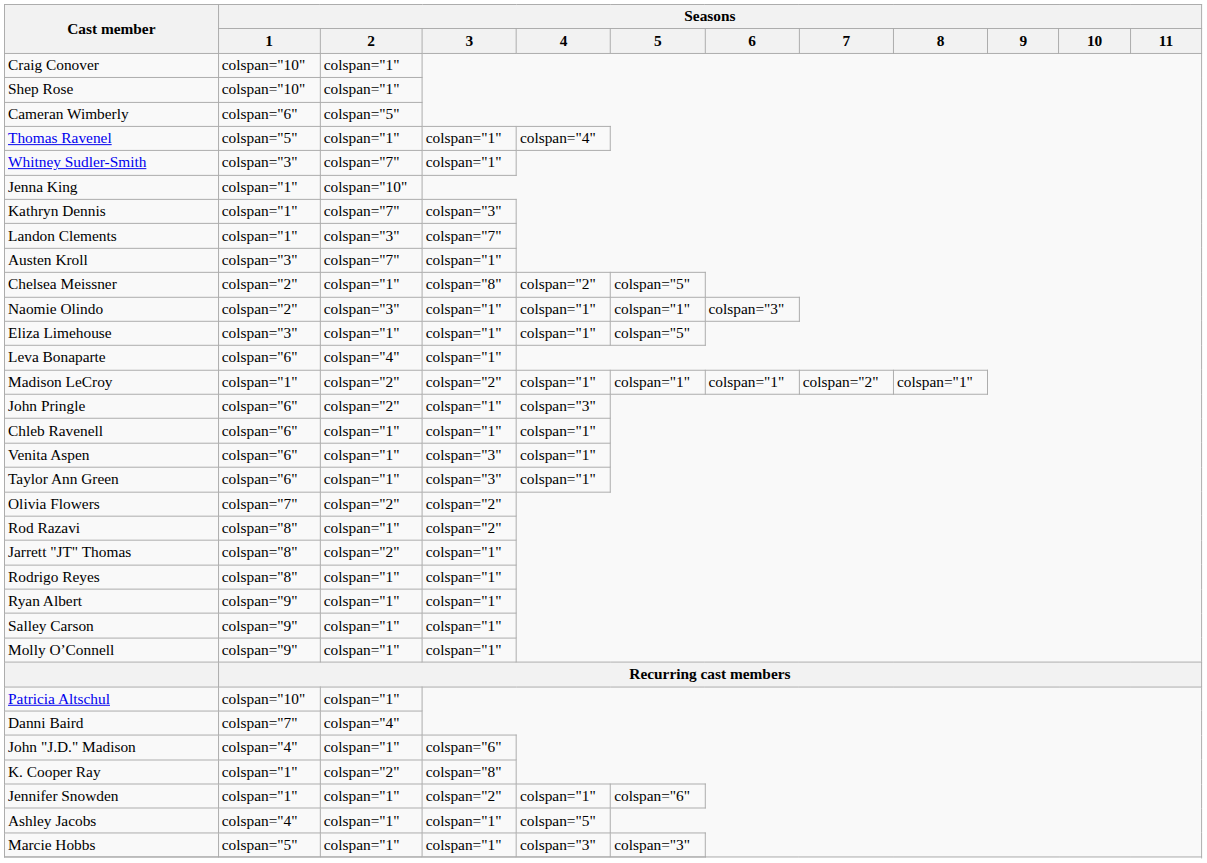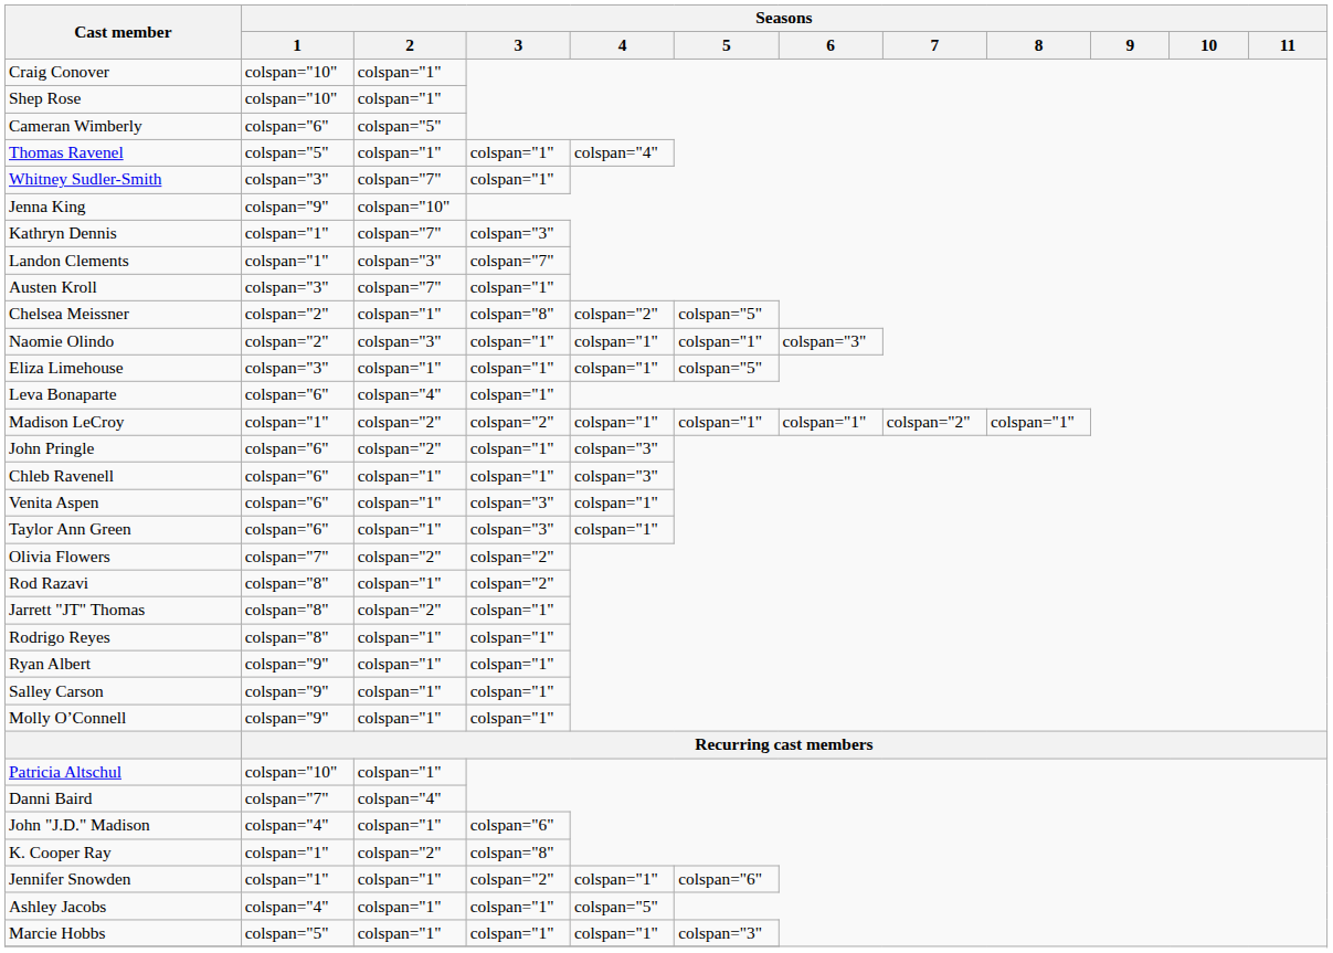 <table class="wikitable plainrowheaders">
 <tr>
 <th rowspan="2" style="width:10%;">Cast member</th>
 <th colspan="11">Seasons</th>
 </tr>
 <tr>
 <th style="width:5%;">1</th>
 <th style="width:5%;">2</th>
 <th style="width:5%;">3</th>
 <th style="width:5%;">4</th>
 <th style="width:5%;">5</th>
 <th style="width:5%;">6</th>
 <th style="width:5%;">7</th>
 <th style="width:5%;">8</th>
 <th style="width:5%;">9</th>
 <th style="width:5%;">10</th>
 <th style="width:5%;">11</th>
 </tr>
 <tr>
 <td>Craig Conover</td>
 <td>colspan="10" </td>
 <td>colspan="1" </td>
 </tr>
 <tr>
 <td>Shep Rose</td>
 <td>colspan="10" </td>
 <td>colspan="1" </td>
 </tr>
 <tr>
 <td>Cameran Wimberly</td>
 <td>colspan="6" </td>
 <td>colspan="5" </td>
 </tr>
 <tr>
 <td><a href='#'>Thomas Ravenel</a></td>
 <td>colspan="5" </td>
 <td>colspan="1" </td>
 <td>colspan="1" </td>
 <td>colspan="4" </td>
 </tr>
 <tr>
 <td nowrap><a href='#'>Whitney Sudler-Smith</a></td>
 <td>colspan="3" </td>
 <td>colspan="7" </td>
 <td>colspan="1" </td>
 </tr>
 <tr>
 <td>Jenna King</td>
-<td>colspan="1" </td>
+<td>colspan="9" </td>
 <td>colspan="10" </td>
 </tr>
 <tr>
 <td>Kathryn Dennis</td>
 <td>colspan="1" </td>
 <td>colspan="7" </td>
 <td>colspan="3" </td>
 </tr>
 <tr>
 <td>Landon Clements</td>
 <td>colspan="1" </td>
 <td>colspan="3" </td>
 <td>colspan="7" </td>
 </tr>
 <tr>
 <td>Austen Kroll</td>
 <td>colspan="3" </td>
 <td>colspan="7" </td>
 <td>colspan="1" </td>
 </tr>
 <tr>
 <td>Chelsea Meissner</td>
 <td>colspan="2" </td>
 <td>colspan="1" </td>
 <td>colspan="8" </td>
 <td>colspan="2" </td>
 <td>colspan="5" </td>
 </tr>
 <tr>
 <td>Naomie Olindo</td>
 <td>colspan="2" </td>
 <td>colspan="3" </td>
 <td>colspan="1" </td>
 <td>colspan="1" </td>
 <td>colspan="1" </td>
 <td>colspan="3" </td>
 </tr>
 <tr>
 <td>Eliza Limehouse</td>
 <td>colspan="3" </td>
 <td>colspan="1" </td>
 <td>colspan="1" </td>
 <td>colspan="1" </td>
 <td>colspan="5" </td>
 </tr>
 <tr>
 <td>Leva Bonaparte</td>
 <td>colspan="6" </td>
 <td>colspan="4" </td>
 <td>colspan="1" </td>
 </tr>
 <tr>
 <td>Madison LeCroy</td>
 <td>colspan="1" </td>
 <td>colspan="2" </td>
 <td>colspan="2" </td>
 <td>colspan="1" </td>
 <td>colspan="1" </td>
 <td>colspan="1" </td>
 <td>colspan="2" </td>
 <td>colspan="1" </td>
 </tr>
 <tr>
 <td>John Pringle</td>
 <td>colspan="6" </td>
 <td>colspan="2" </td>
 <td>colspan="1" </td>
 <td>colspan="3" </td>
 </tr>
 <tr>
 <td>Chleb Ravenell</td>
 <td>colspan="6" </td>
 <td>colspan="1" </td>
 <td>colspan="1" </td>
-<td>colspan="1" </td>
+<td>colspan="3" </td>
 </tr>
 <tr>
 <td>Venita Aspen</td>
 <td>colspan="6" </td>
 <td>colspan="1" </td>
 <td>colspan="3" </td>
 <td>colspan="1" </td>
 </tr>
 <tr>
 <td>Taylor Ann Green</td>
 <td>colspan="6" </td>
 <td>colspan="1" </td>
 <td>colspan="3" </td>
 <td>colspan="1" </td>
 </tr>
 <tr>
 <td>Olivia Flowers</td>
 <td>colspan="7" </td>
 <td>colspan="2" </td>
 <td>colspan="2" </td>
 </tr>
 <tr>
 <td>Rod Razavi</td>
 <td>colspan="8" </td>
 <td>colspan="1" </td>
 <td>colspan="2" </td>
 </tr>
 <tr>
 <td>Jarrett "JT" Thomas</td>
 <td>colspan="8" </td>
 <td>colspan="2" </td>
 <td>colspan="1" </td>
 </tr>
 <tr>
 <td>Rodrigo Reyes</td>
 <td>colspan="8" </td>
 <td>colspan="1" </td>
 <td>colspan="1" </td>
 </tr>
 <tr>
 <td>Ryan Albert</td>
 <td>colspan="9" </td>
 <td>colspan="1" </td>
 <td>colspan="1" </td>
 </tr>
 <tr>
 <td>Salley Carson</td>
 <td>colspan="9" </td>
 <td>colspan="1" </td>
 <td>colspan="1" </td>
 </tr>
 <tr>
 <td>Molly O’Connell</td>
 <td>colspan="9" </td>
 <td>colspan="1" </td>
 <td>colspan="1" </td>
 </tr>
 <tr>
 <th rowspan="1" style="width:15%;"></th>
 <th colspan="11">Recurring cast members</th>
 </tr>
 <tr>
 <td scope="row"><a href='#'>Patricia Altschul</a></td>
 <td>colspan="10" </td>
 <td>colspan="1" </td>
 </tr>
 <tr>
 <td scope="row">Danni Baird</td>
 <td>colspan="7" </td>
 <td>colspan="4" </td>
 </tr>
 <tr>
 <td scope="row">John "J.D." Madison</td>
 <td>colspan="4" </td>
 <td>colspan="1" </td>
 <td>colspan="6" </td>
 </tr>
 <tr>
 <td scope="row">K. Cooper Ray</td>
 <td>colspan="1" </td>
 <td>colspan="2" </td>
 <td>colspan="8" </td>
 </tr>
 <tr>
 <td scope="row">Jennifer Snowden</td>
 <td>colspan="1" </td>
 <td>colspan="1" </td>
 <td>colspan="2" </td>
 <td>colspan="1" </td>
 <td>colspan="6" </td>
 </tr>
 <tr>
 <td scope="row">Ashley Jacobs</td>
 <td>colspan="4" </td>
 <td>colspan="1" </td>
 <td>colspan="1" </td>
 <td>colspan="5" </td>
 </tr>
 <tr>
 <td scope="row">Marcie Hobbs</td>
 <td>colspan="5" </td>
 <td>colspan="1" </td>
 <td>colspan="1" </td>
-<td>colspan="3" </td>
+<td>colspan="1" </td>
 <td>colspan="3" </td>
 </tr>
 <tr>
 </tr>
 </table>
